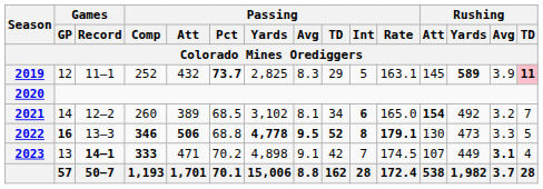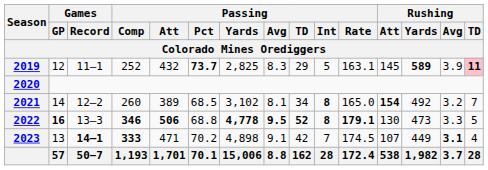 <table class="wikitable" style="text-align:center;">
 <tr>
 <th rowspan="2">Season</th>
 <th colspan="2">Games</th>
 <th colspan="8">Passing</th>
 <th colspan="4">Rushing</th>
 </tr>
 <tr>
 <th>GP</th>
 <th>Record</th>
 <th>Comp</th>
 <th>Att</th>
 <th>Pct</th>
 <th>Yards</th>
 <th>Avg</th>
 <th>TD</th>
 <th>Int</th>
 <th>Rate</th>
 <th>Att</th>
 <th>Yards</th>
 <th>Avg</th>
 <th>TD</th>
 </tr>
 <tr>
 <th colspan="16">Colorado Mines Orediggers</th>
 </tr>
 <tr>
 <th><a href='#'>2019</a></th>
 <td>12</td>
 <td>11–1</td>
 <td>252</td>
 <td>432</td>
 <td><strong>73.7</strong></td>
 <td>2,825</td>
 <td>8.3</td>
 <td>29</td>
 <td>5</td>
 <td>163.1</td>
 <td>145</td>
 <td><strong>589</strong></td>
 <td>3.9</td>
 <td style="background: pink;"><strong>11</strong></td>
 </tr>
 <tr>
 <th><a href='#'>2020</a></th>
 <td colspan="15"></td>
 </tr>
 <tr>
 <th><a href='#'>2021</a></th>
 <td>14</td>
 <td>12–2</td>
 <td>260</td>
 <td>389</td>
 <td>68.5</td>
 <td>3,102</td>
 <td>8.1</td>
 <td>34</td>
-<td><strong>6</strong></td>
+<td><strong>8</strong></td>
 <td>165.0</td>
 <td><strong>154</strong></td>
 <td>492</td>
 <td>3.2</td>
 <td>7</td>
 </tr>
 <tr>
 <th><a href='#'>2022</a></th>
 <td><strong>16</strong></td>
 <td>13–3</td>
 <td><strong>346</strong></td>
 <td><strong>506</strong></td>
 <td>68.8</td>
 <td><strong>4,778</strong></td>
 <td><strong>9.5</strong></td>
 <td><strong>52</strong></td>
 <td><strong>8</strong></td>
 <td><strong>179.1</strong></td>
 <td>130</td>
 <td>473</td>
 <td>3.3</td>
 <td>5</td>
 </tr>
 <tr>
 <th><a href='#'>2023</a></th>
 <td>13</td>
 <td><strong>14–1</strong></td>
 <td><strong>333</strong></td>
 <td>471</td>
 <td>70.2</td>
 <td>4,898</td>
 <td>9.1</td>
 <td>42</td>
 <td>7</td>
 <td>174.5</td>
 <td>107</td>
 <td>449</td>
 <td><strong>3.1</strong></td>
 <td>4</td>
 </tr>
 <tr>
 <th></th>
 <th>57</th>
 <th>50−7</th>
 <th>1,193</th>
 <th>1,701</th>
 <th>70.1</th>
 <th>15,006</th>
 <th>8.8</th>
 <th>162</th>
 <th>28</th>
 <th>172.4</th>
 <th>538</th>
 <th>1,982</th>
 <th>3.7</th>
 <th>28</th>
 </tr>
 </table>
